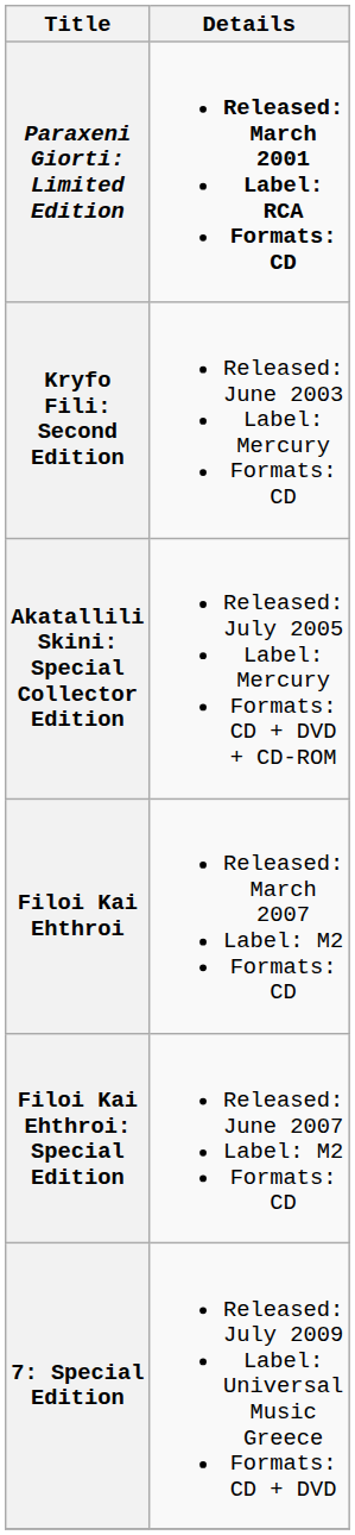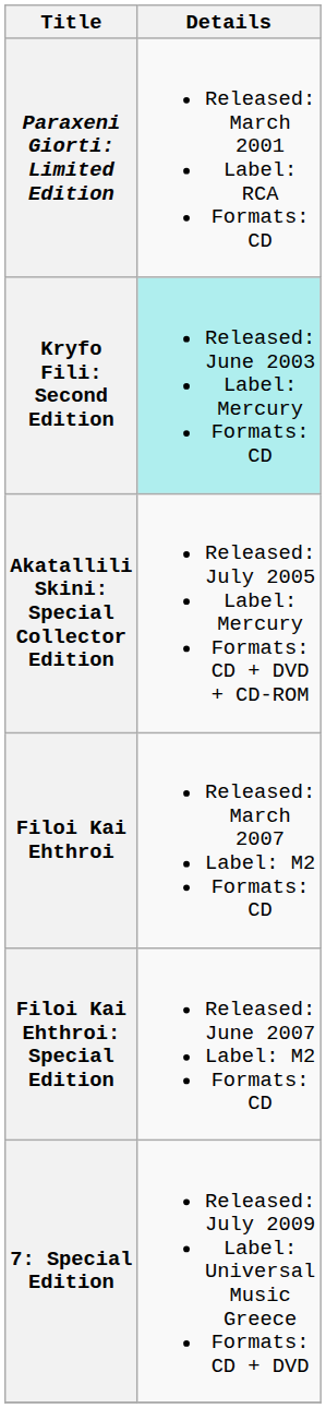 <table class="wikitable plainrowheaders" style="text-align:center;">
 <tr>
 <th scope="col" style="width:6em;">Title</th>
 <th scope="col" style="width:6em;">Details</th>
 </tr>
 <tr>
 <th scope="row"><em>Paraxeni Giorti: Limited Edition</em></th>
-<td><strong><br><ul><li>Released: March 2001</li><li>Label: RCA</li><li>Formats: CD</li></ul></strong></td>
+<td><br><ul><li>Released: March 2001</li><li>Label: RCA</li><li>Formats: CD</li></ul></td>
 </tr>
 <tr>
 <th scope="row">Kryfo Fili: Second Edition</th>
-<td><br><ul><li>Released: June 2003</li><li>Label: Mercury</li><li>Formats: CD</li></ul></td>
+<td style="background: paleturquoise;"><br><ul><li>Released: June 2003</li><li>Label: Mercury</li><li>Formats: CD</li></ul></td>
 </tr>
 <tr>
 <th scope="row">Akatallili Skini: Special Collector Edition</th>
 <td><br><ul><li>Released: July 2005</li><li>Label: Mercury</li><li>Formats: CD + DVD + CD-ROM</li></ul></td>
 </tr>
 <tr>
 <th scope="row">Filoi Kai Ehthroi</th>
 <td><br><ul><li>Released: March 2007</li><li>Label: M2</li><li>Formats: CD</li></ul></td>
 </tr>
 <tr>
 <th scope="row">Filoi Kai Ehthroi: Special Edition</th>
 <td><br><ul><li>Released: June 2007</li><li>Label: M2</li><li>Formats: CD</li></ul></td>
 </tr>
 <tr>
 <th scope="row">7: Special Edition</th>
 <td><br><ul><li>Released: July 2009</li><li>Label: Universal Music Greece</li><li>Formats: CD + DVD</li></ul></td>
 </tr>
 <tr>
 </tr>
 </table>
